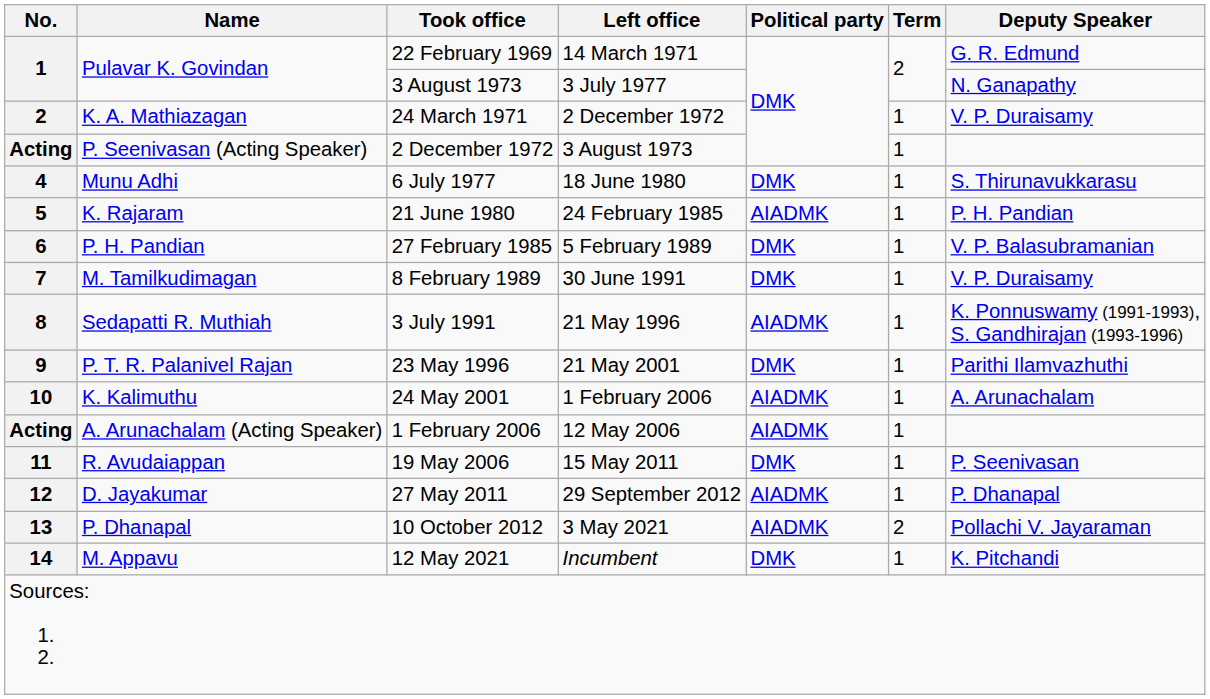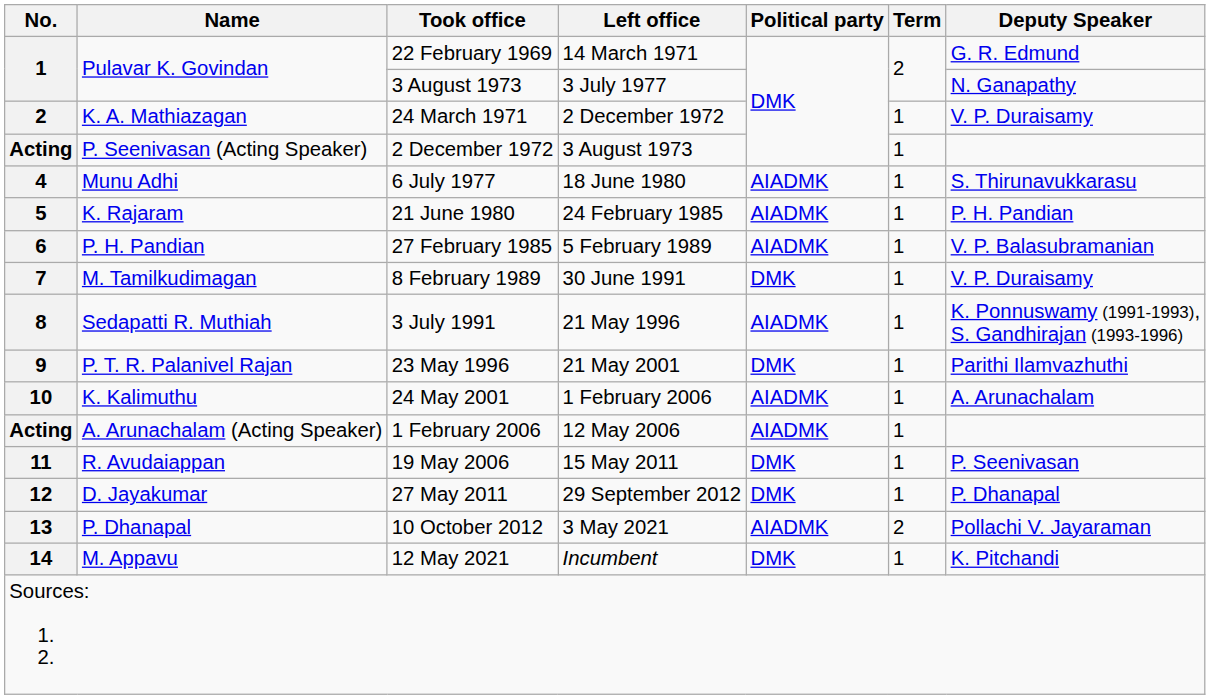 <table class="wikitable sortable">
 <tr>
 <th>No.</th>
 <th>Name</th>
 <th>Took office</th>
 <th>Left office</th>
 <th>Political party</th>
 <th>Term</th>
 <th>Deputy Speaker</th>
 </tr>
 <tr>
 <th rowspan =2>1</th>
 <td rowspan =2><a href='#'>Pulavar K. Govindan</a></td>
 <td>22 February 1969</td>
 <td>14 March 1971</td>
 <td rowspan =4><a href='#'>DMK</a></td>
 <td rowspan ="2">2</td>
 <td><a href='#'>G. R. Edmund</a></td>
 </tr>
 <tr>
 <td>3 August 1973</td>
 <td>3 July 1977</td>
 <td><a href='#'>N. Ganapathy</a></td>
 </tr>
 <tr>
 <th>2</th>
 <td><a href='#'>K. A. Mathiazagan</a></td>
 <td>24 March 1971</td>
 <td>2 December 1972</td>
 <td>1</td>
 <td><a href='#'>V. P. Duraisamy</a></td>
 </tr>
 <tr>
 <th>Acting</th>
 <td><a href='#'>P. Seenivasan</a> (Acting Speaker)</td>
 <td>2 December 1972</td>
 <td>3 August 1973</td>
 <td>1</td>
 <td></td>
 </tr>
 <tr>
 <th>4</th>
 <td><a href='#'>Munu Adhi</a></td>
 <td>6 July 1977</td>
 <td>18 June 1980</td>
-<td><a href='#'>DMK</a></td>
+<td><a href='#'>AIADMK</a></td>
 <td>1</td>
 <td><a href='#'>S. Thirunavukkarasu</a></td>
 </tr>
 <tr>
 <th>5</th>
 <td><a href='#'>K. Rajaram</a></td>
 <td>21 June 1980</td>
 <td>24 February 1985</td>
 <td><a href='#'>AIADMK</a></td>
 <td>1</td>
 <td><a href='#'>P. H. Pandian</a></td>
 </tr>
 <tr>
 <th>6</th>
 <td><a href='#'>P. H. Pandian</a></td>
 <td>27 February 1985</td>
 <td>5 February 1989</td>
-<td><a href='#'>DMK</a></td>
+<td><a href='#'>AIADMK</a></td>
 <td>1</td>
 <td><a href='#'>V. P. Balasubramanian</a></td>
 </tr>
 <tr>
 <th>7</th>
 <td><a href='#'>M. Tamilkudimagan</a></td>
 <td>8 February 1989</td>
 <td>30 June 1991</td>
 <td><a href='#'>DMK</a></td>
 <td>1</td>
 <td><a href='#'>V. P. Duraisamy</a></td>
 </tr>
 <tr>
 <th>8</th>
 <td><a href='#'>Sedapatti R. Muthiah</a></td>
 <td>3 July 1991</td>
 <td>21 May 1996</td>
 <td><a href='#'>AIADMK</a></td>
 <td>1</td>
 <td><a href='#'>K. Ponnuswamy</a><small> (1991-1993)</small>,<br><a href='#'>S. Gandhirajan</a><small> (1993-1996)</small></td>
 </tr>
 <tr>
 <th>9</th>
 <td><a href='#'>P. T. R. Palanivel Rajan</a></td>
 <td>23 May 1996</td>
 <td>21 May 2001</td>
 <td><a href='#'>DMK</a></td>
 <td>1</td>
 <td><a href='#'>Parithi Ilamvazhuthi</a></td>
 </tr>
 <tr>
 <th>10</th>
 <td><a href='#'>K. Kalimuthu</a></td>
 <td>24 May 2001</td>
 <td>1 February 2006</td>
 <td><a href='#'>AIADMK</a></td>
 <td>1</td>
 <td><a href='#'>A. Arunachalam</a></td>
 </tr>
 <tr>
 <th>Acting</th>
 <td><a href='#'>A. Arunachalam</a> (Acting Speaker)</td>
 <td>1 February 2006</td>
 <td>12 May 2006</td>
 <td><a href='#'>AIADMK</a></td>
 <td>1</td>
 <td></td>
 </tr>
 <tr>
 <th>11</th>
 <td><a href='#'>R. Avudaiappan</a></td>
 <td>19 May 2006</td>
 <td>15 May 2011</td>
 <td><a href='#'>DMK</a></td>
 <td>1</td>
 <td><a href='#'>P. Seenivasan</a></td>
 </tr>
 <tr>
 <th>12</th>
 <td><a href='#'>D. Jayakumar</a></td>
 <td>27 May 2011</td>
 <td>29 September 2012</td>
-<td><a href='#'>AIADMK</a></td>
+<td><a href='#'>DMK</a></td>
 <td>1</td>
 <td><a href='#'>P. Dhanapal</a></td>
 </tr>
 <tr>
 <th>13</th>
 <td><a href='#'>P. Dhanapal</a></td>
 <td>10 October 2012</td>
 <td>3 May 2021</td>
 <td><a href='#'>AIADMK</a></td>
 <td>2</td>
 <td><a href='#'>Pollachi V. Jayaraman</a></td>
 </tr>
 <tr>
 <th>14</th>
 <td><a href='#'>M. Appavu</a></td>
 <td>12 May 2021</td>
 <td><em>Incumbent</em></td>
 <td><a href='#'>DMK</a></td>
 <td>1</td>
 <td><a href='#'>K. Pitchandi</a></td>
 </tr>
 <tr>
 <td colspan="7">Sources:<br><ol><li></li><li></li></ol></td>
 </tr>
 </table>
